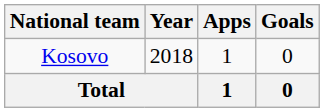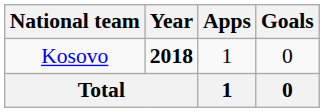 <table class="wikitable" style="text-align:center">
 <tr>
 <th>National team</th>
 <th>Year</th>
 <th>Apps</th>
 <th>Goals</th>
 </tr>
 <tr>
 <td rowspan="1"><a href='#'>Kosovo</a></td>
-<td>2018</td>
+<td><strong>2018</strong></td>
 <td>1</td>
 <td>0</td>
 </tr>
 <tr>
 <th colspan="2">Total</th>
 <th>1</th>
 <th>0</th>
 </tr>
 </table>
